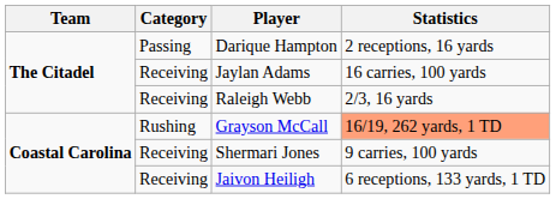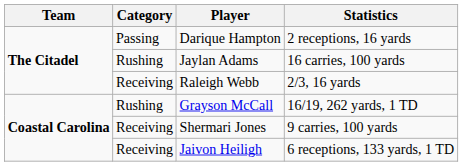 <table class="wikitable" style="float: left;">
 <tr>
 <th>Team</th>
 <th>Category</th>
 <th>Player</th>
 <th>Statistics</th>
 </tr>
 <tr>
 <td rowspan=3><strong>The Citadel</strong></td>
 <td>Passing</td>
 <td>Darique Hampton</td>
 <td>2 receptions, 16 yards</td>
 </tr>
 <tr>
-<td>Receiving</td>
+<td>Rushing</td>
 <td>Jaylan Adams</td>
 <td>16 carries, 100 yards</td>
 </tr>
 <tr>
 <td>Receiving</td>
 <td>Raleigh Webb</td>
 <td>2/3, 16 yards</td>
 </tr>
 <tr>
 <td rowspan=3><strong>Coastal Carolina</strong></td>
 <td>Rushing</td>
 <td><a href='#'>Grayson McCall</a></td>
-<td style="background: lightsalmon;">16/19, 262 yards, 1 TD</td>
+<td>16/19, 262 yards, 1 TD</td>
 </tr>
 <tr>
 <td>Receiving</td>
 <td>Shermari Jones</td>
 <td>9 carries, 100 yards</td>
 </tr>
 <tr>
 <td>Receiving</td>
 <td><a href='#'>Jaivon Heiligh</a></td>
 <td>6 receptions, 133 yards, 1 TD</td>
 </tr>
 </table>
